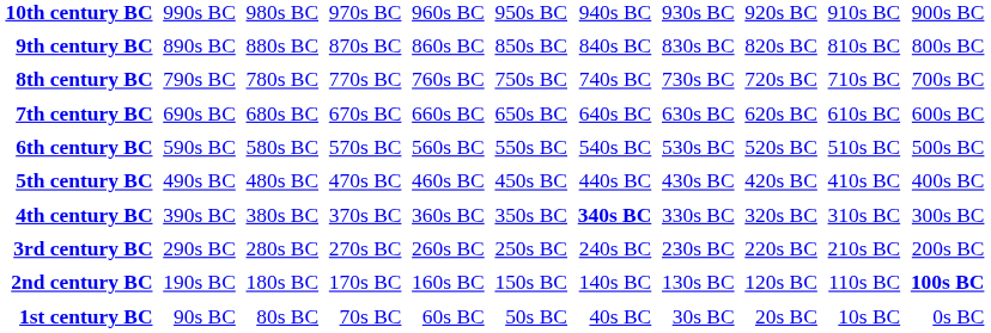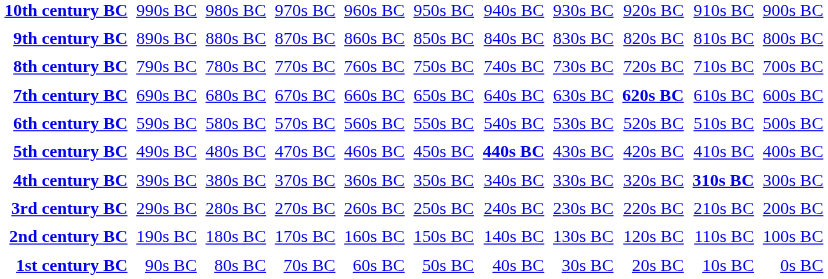 <table cellpadding="3" border="0">
 <tr ---->
 <td align="right"><strong><a href='#'>10th century BC</a></strong></td>
 <td align="right"><a href='#'>990s BC</a></td>
 <td align="right"><a href='#'>980s BC</a></td>
 <td align="right"><a href='#'>970s BC</a></td>
 <td align="right"><a href='#'>960s BC</a></td>
 <td align="right"><a href='#'>950s BC</a></td>
 <td align="right"><a href='#'>940s BC</a></td>
 <td align="right"><a href='#'>930s BC</a></td>
 <td align="right"><a href='#'>920s BC</a></td>
 <td align="right"><a href='#'>910s BC</a></td>
 <td align="right"><a href='#'>900s BC</a></td>
 </tr>
 <tr ---->
 <td align="right"><strong><a href='#'>9th century BC</a></strong></td>
 <td align="right"><a href='#'>890s BC</a></td>
 <td align="right"><a href='#'>880s BC</a></td>
 <td align="right"><a href='#'>870s BC</a></td>
 <td align="right"><a href='#'>860s BC</a></td>
 <td align="right"><a href='#'>850s BC</a></td>
 <td align="right"><a href='#'>840s BC</a></td>
 <td align="right"><a href='#'>830s BC</a></td>
 <td align="right"><a href='#'>820s BC</a></td>
 <td align="right"><a href='#'>810s BC</a></td>
 <td align="right"><a href='#'>800s BC</a></td>
 </tr>
 <tr ---->
 <td align="right"><strong><a href='#'>8th century BC</a></strong></td>
 <td align="right"><a href='#'>790s BC</a></td>
 <td align="right"><a href='#'>780s BC</a></td>
 <td align="right"><a href='#'>770s BC</a></td>
 <td align="right"><a href='#'>760s BC</a></td>
 <td align="right"><a href='#'>750s BC</a></td>
 <td align="right"><a href='#'>740s BC</a></td>
 <td align="right"><a href='#'>730s BC</a></td>
 <td align="right"><a href='#'>720s BC</a></td>
 <td align="right"><a href='#'>710s BC</a></td>
 <td align="right"><a href='#'>700s BC</a></td>
 </tr>
 <tr ---->
 <td align="right"><strong><a href='#'>7th century BC</a></strong></td>
 <td align="right"><a href='#'>690s BC</a></td>
 <td align="right"><a href='#'>680s BC</a></td>
 <td align="right"><a href='#'>670s BC</a></td>
 <td align="right"><a href='#'>660s BC</a></td>
 <td align="right"><a href='#'>650s BC</a></td>
 <td align="right"><a href='#'>640s BC</a></td>
 <td align="right"><a href='#'>630s BC</a></td>
-<td align="right"><a href='#'>620s BC</a></td>
+<td align="right"><strong><a href='#'>620s BC</a></strong></td>
 <td align="right"><a href='#'>610s BC</a></td>
 <td align="right"><a href='#'>600s BC</a></td>
 </tr>
 <tr ---->
 <td align="right"><strong><a href='#'>6th century BC</a></strong></td>
 <td align="right"><a href='#'>590s BC</a></td>
 <td align="right"><a href='#'>580s BC</a></td>
 <td align="right"><a href='#'>570s BC</a></td>
 <td align="right"><a href='#'>560s BC</a></td>
 <td align="right"><a href='#'>550s BC</a></td>
 <td align="right"><a href='#'>540s BC</a></td>
 <td align="right"><a href='#'>530s BC</a></td>
 <td align="right"><a href='#'>520s BC</a></td>
 <td align="right"><a href='#'>510s BC</a></td>
 <td align="right"><a href='#'>500s BC</a></td>
 </tr>
 <tr ---->
 <td align="right"><strong><a href='#'>5th century BC</a></strong></td>
 <td align="right"><a href='#'>490s BC</a></td>
 <td align="right"><a href='#'>480s BC</a></td>
 <td align="right"><a href='#'>470s BC</a></td>
 <td align="right"><a href='#'>460s BC</a></td>
 <td align="right"><a href='#'>450s BC</a></td>
-<td align="right"><a href='#'>440s BC</a></td>
+<td align="right"><strong><a href='#'>440s BC</a></strong></td>
 <td align="right"><a href='#'>430s BC</a></td>
 <td align="right"><a href='#'>420s BC</a></td>
 <td align="right"><a href='#'>410s BC</a></td>
 <td align="right"><a href='#'>400s BC</a></td>
 </tr>
 <tr ---->
 <td align="right"><strong><a href='#'>4th century BC</a></strong></td>
 <td align="right"><a href='#'>390s BC</a></td>
 <td align="right"><a href='#'>380s BC</a></td>
 <td align="right"><a href='#'>370s BC</a></td>
 <td align="right"><a href='#'>360s BC</a></td>
 <td align="right"><a href='#'>350s BC</a></td>
-<td align="right"><strong><a href='#'>340s BC</a></strong></td>
+<td align="right"><a href='#'>340s BC</a></td>
 <td align="right"><a href='#'>330s BC</a></td>
 <td align="right"><a href='#'>320s BC</a></td>
-<td align="right"><a href='#'>310s BC</a></td>
+<td align="right"><strong><a href='#'>310s BC</a></strong></td>
 <td align="right"><a href='#'>300s BC</a></td>
 </tr>
 <tr ---->
 <td align="right"><strong><a href='#'>3rd century BC</a></strong></td>
 <td align="right"><a href='#'>290s BC</a></td>
 <td align="right"><a href='#'>280s BC</a></td>
 <td align="right"><a href='#'>270s BC</a></td>
 <td align="right"><a href='#'>260s BC</a></td>
 <td align="right"><a href='#'>250s BC</a></td>
 <td align="right"><a href='#'>240s BC</a></td>
 <td align="right"><a href='#'>230s BC</a></td>
 <td align="right"><a href='#'>220s BC</a></td>
 <td align="right"><a href='#'>210s BC</a></td>
 <td align="right"><a href='#'>200s BC</a></td>
 </tr>
 <tr ---->
 <td align="right"><strong><a href='#'>2nd century BC</a></strong></td>
 <td align="right"><a href='#'>190s BC</a></td>
 <td align="right"><a href='#'>180s BC</a></td>
 <td align="right"><a href='#'>170s BC</a></td>
 <td align="right"><a href='#'>160s BC</a></td>
 <td align="right"><a href='#'>150s BC</a></td>
 <td align="right"><a href='#'>140s BC</a></td>
 <td align="right"><a href='#'>130s BC</a></td>
 <td align="right"><a href='#'>120s BC</a></td>
 <td align="right"><a href='#'>110s BC</a></td>
-<td align="right"><strong><a href='#'>100s BC</a></strong></td>
+<td align="right"><a href='#'>100s BC</a></td>
 </tr>
 <tr ---->
 <td align="right"><strong><a href='#'>1st century BC</a></strong></td>
 <td align="right"><a href='#'>90s BC</a></td>
 <td align="right"><a href='#'>80s BC</a></td>
 <td align="right"><a href='#'>70s BC</a></td>
 <td align="right"><a href='#'>60s BC</a></td>
 <td align="right"><a href='#'>50s BC</a></td>
 <td align="right"><a href='#'>40s BC</a></td>
 <td align="right"><a href='#'>30s BC</a></td>
 <td align="right"><a href='#'>20s BC</a></td>
 <td align="right"><a href='#'>10s BC</a></td>
 <td align="right"><a href='#'>0s BC</a></td>
 </tr>
 </table>
